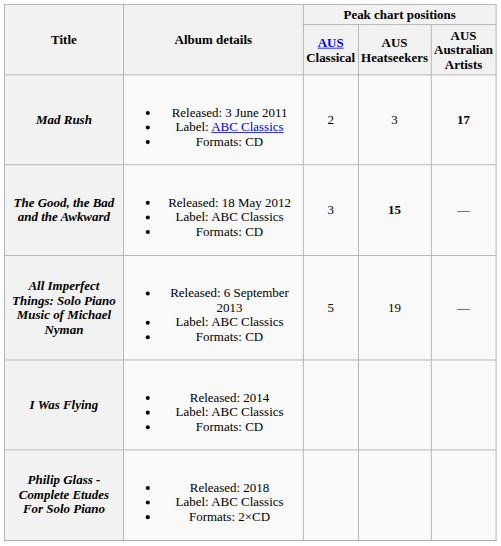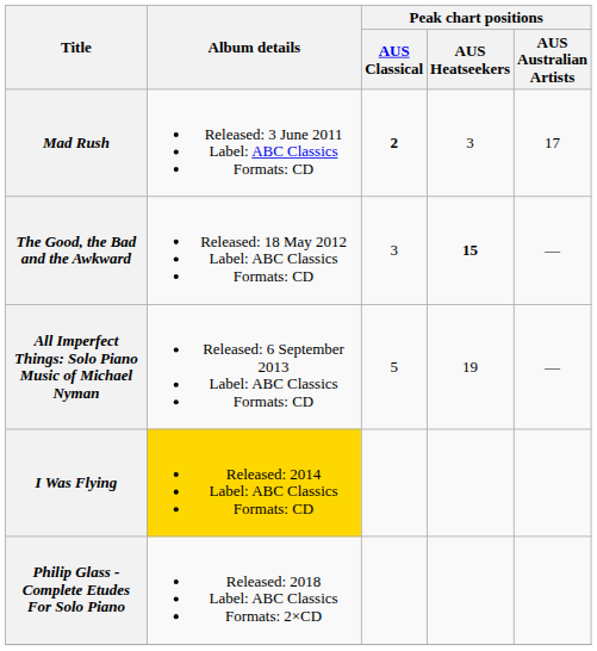 <table class="wikitable plainrowheaders" style="text-align:center;">
 <tr>
 <th scope="col" rowspan="2" style="width:12em;">Title</th>
 <th scope="col" rowspan="2" style="width:18em;">Album details</th>
 <th scope="col" colspan="3">Peak chart positions</th>
 </tr>
 <tr>
 <th style="width:45px;"><a href='#'>AUS</a> Classical</th>
 <th style="width:45px;">AUS Heatseekers</th>
 <th style="width:45px;">AUS Australian Artists</th>
 </tr>
 <tr>
 <th scope="row"><em>Mad Rush</em></th>
 <td><br><ul><li>Released: 3 June 2011</li><li>Label: <a href='#'>ABC Classics</a></li><li>Formats: CD</li></ul></td>
-<td>2</td>
+<td><strong>2</strong></td>
 <td>3</td>
-<td><strong>17</strong></td>
+<td>17</td>
 </tr>
 <tr>
 <th scope="row"><em>The Good, the Bad and the Awkward</em></th>
 <td><br><ul><li>Released: 18 May 2012</li><li>Label: ABC Classics</li><li>Formats: CD</li></ul></td>
 <td>3</td>
 <td><strong>15</strong></td>
 <td>—</td>
 </tr>
 <tr>
 <th scope="row"><em>All Imperfect Things: Solo Piano Music of Michael Nyman</em></th>
 <td><br><ul><li>Released: 6 September 2013</li><li>Label: ABC Classics</li><li>Formats: CD</li></ul></td>
 <td>5</td>
 <td>19</td>
 <td>—</td>
 </tr>
 <tr>
 <th scope="row"><em>I Was Flying</em></th>
-<td><br><ul><li>Released: 2014</li><li>Label: ABC Classics</li><li>Formats: CD</li></ul></td>
+<td style="background: gold;"><br><ul><li>Released: 2014</li><li>Label: ABC Classics</li><li>Formats: CD</li></ul></td>
 <td></td>
 <td></td>
 <td></td>
 </tr>
 <tr>
 <th scope="row"><em>Philip Glass - Complete Etudes For Solo Piano</em></th>
 <td><br><ul><li>Released: 2018</li><li>Label: ABC Classics</li><li>Formats: 2×CD</li></ul></td>
 <td></td>
 <td></td>
 <td></td>
 </tr>
 <tr>
 </tr>
 </table>
